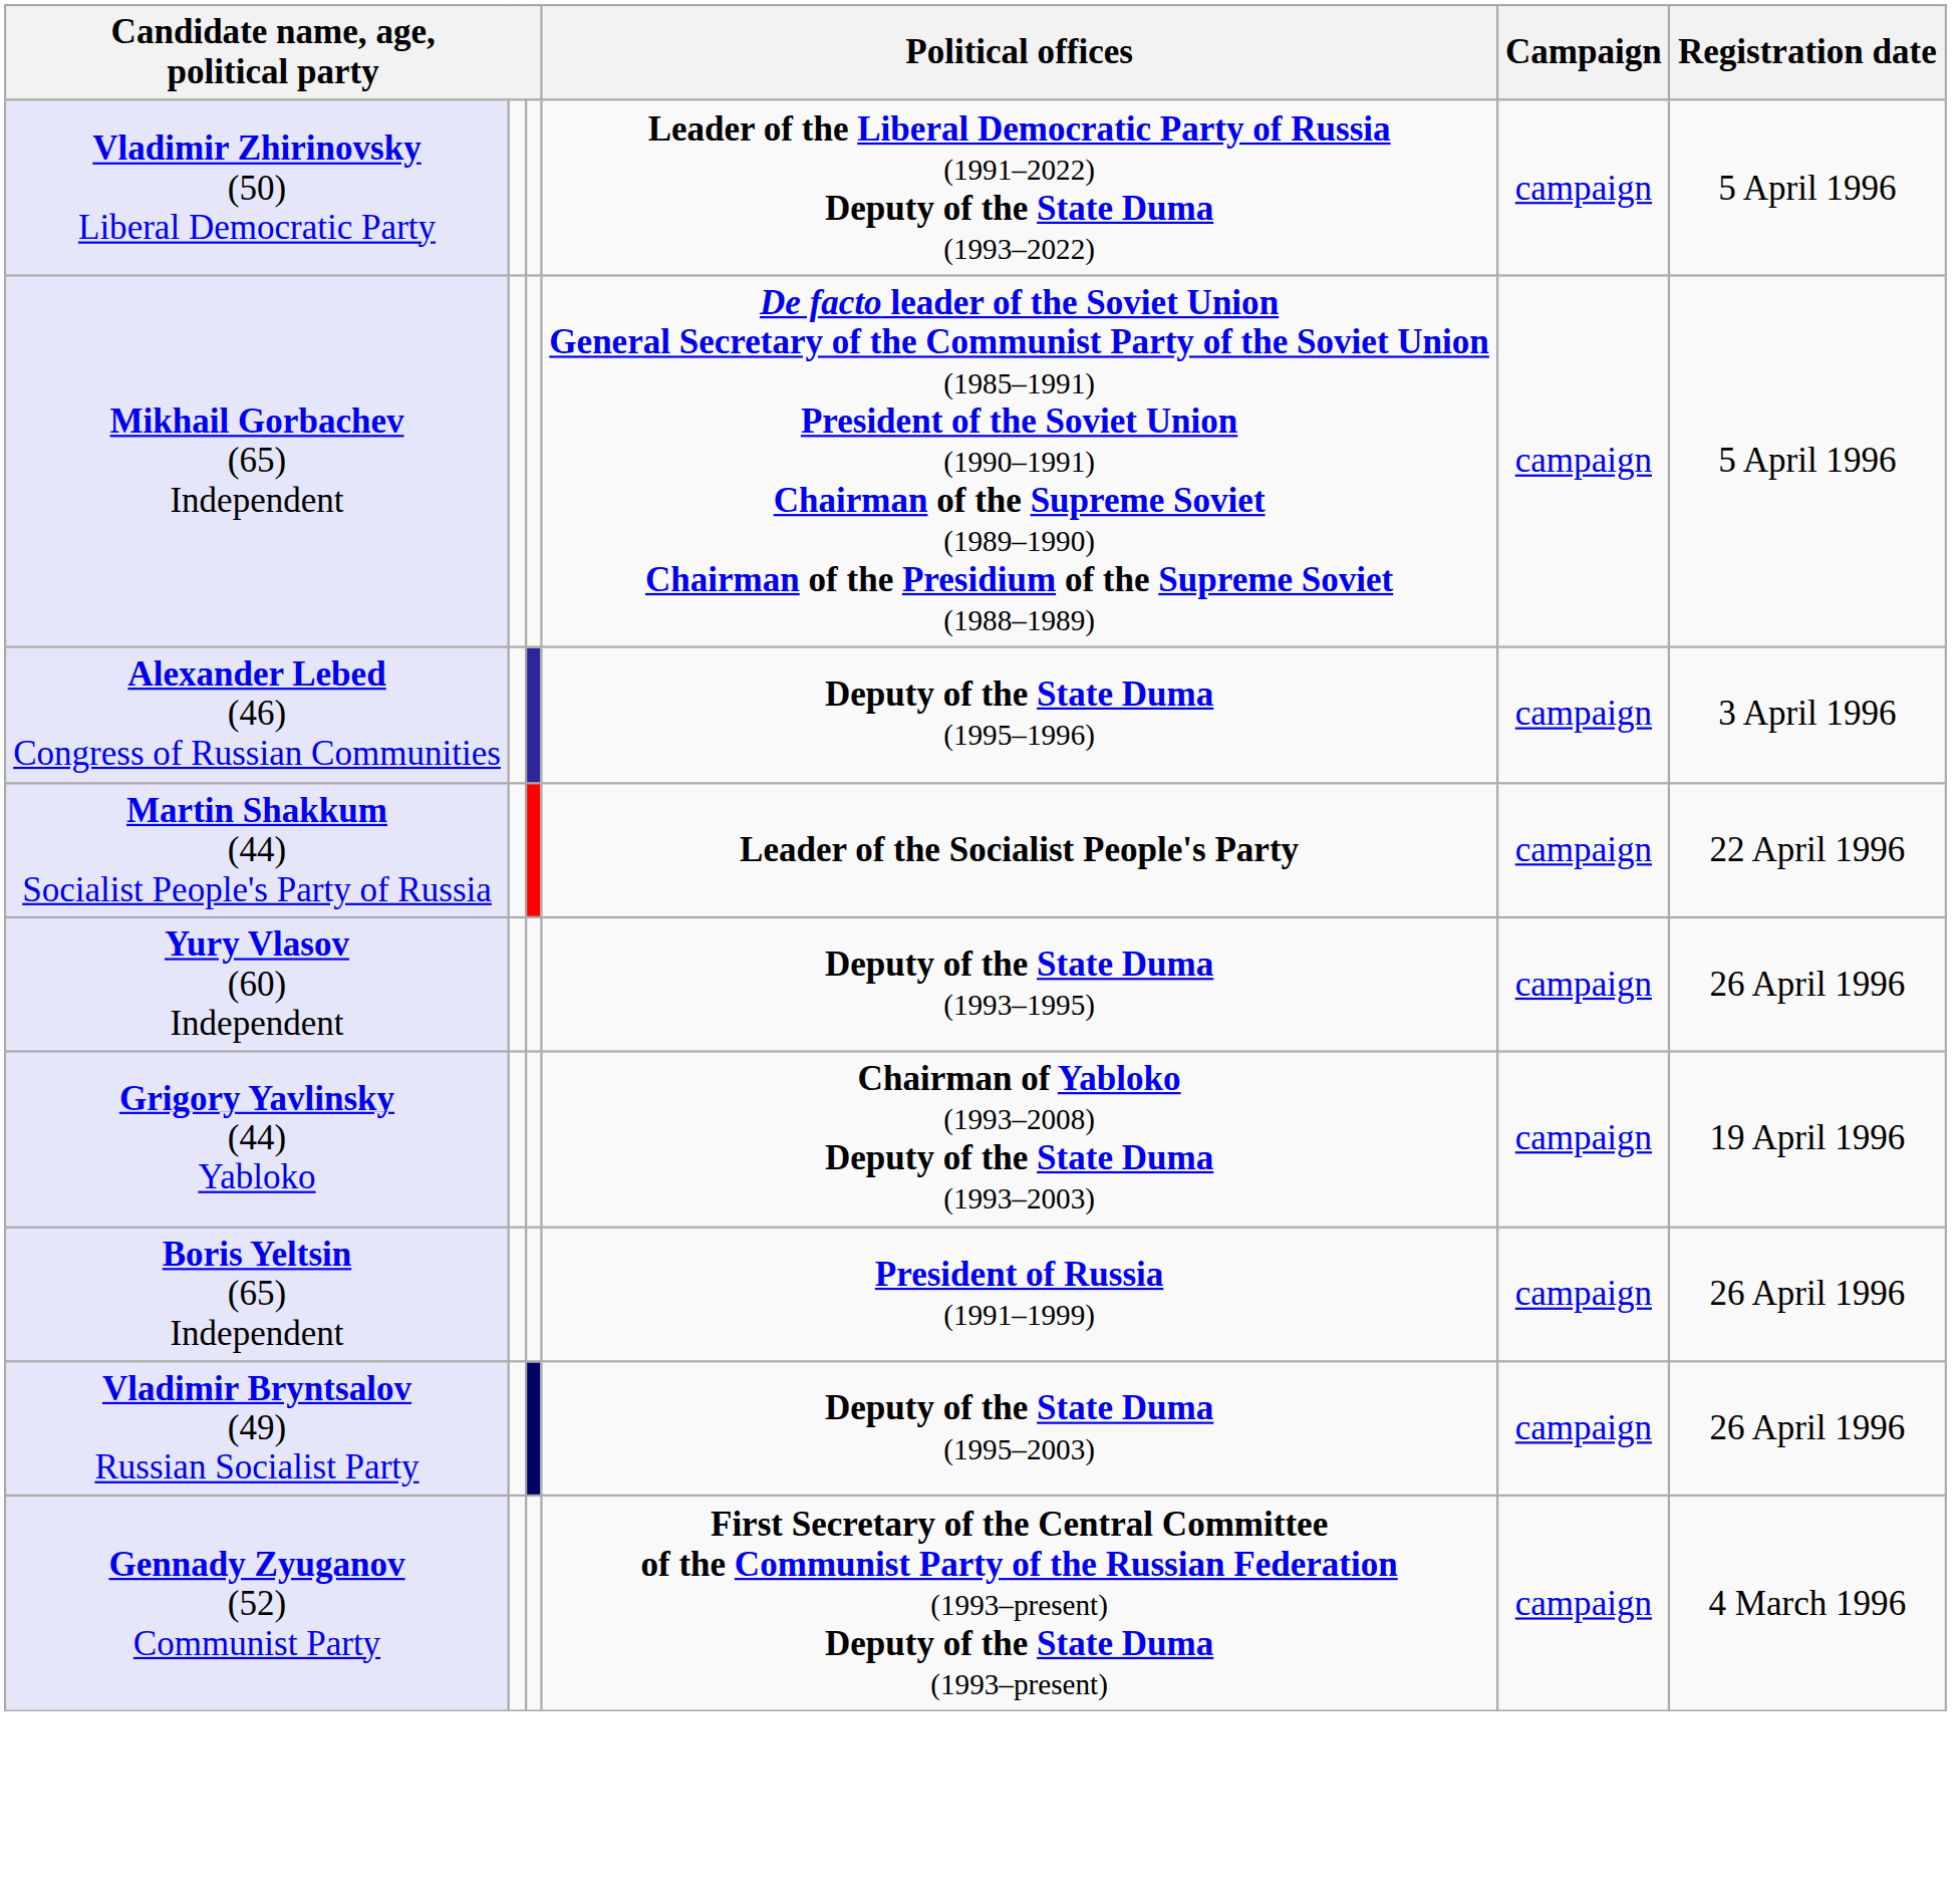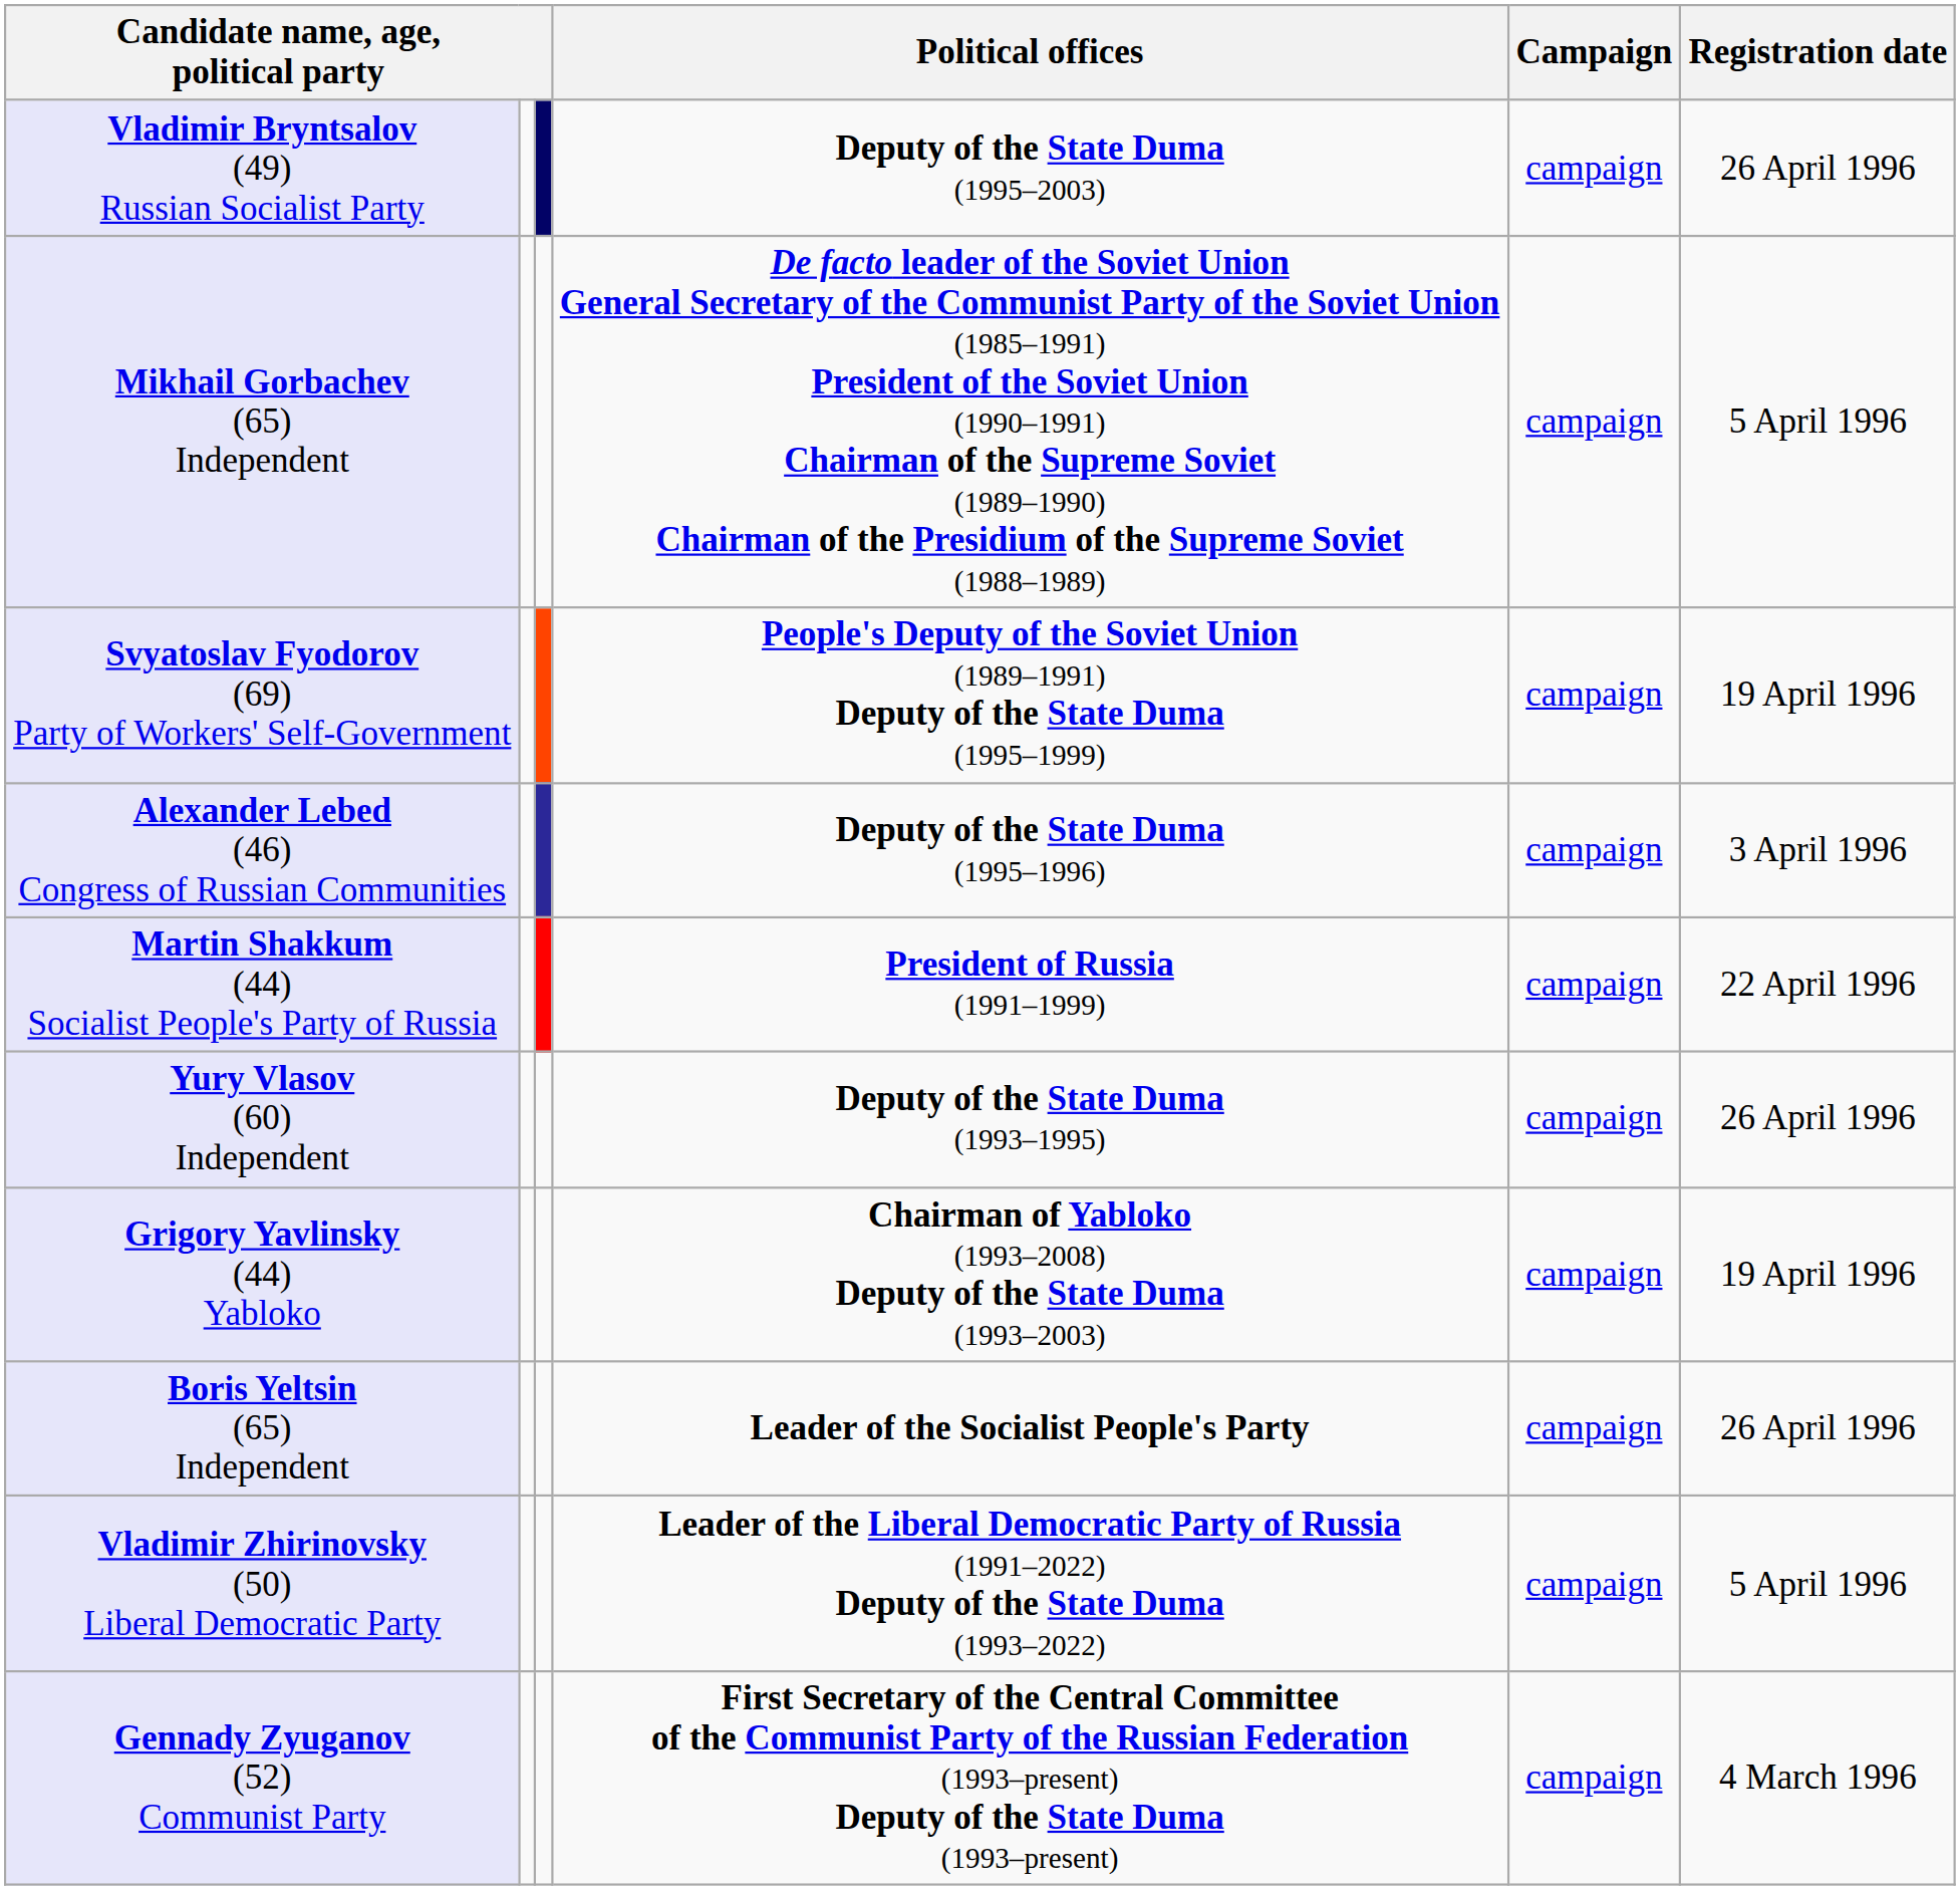 <table class="wikitable" style="text-align:center;">
 <tr>
 <th colspan="3">Candidate name, age,<br>political party</th>
 <th>Political offices</th>
 <th>Campaign</th>
 <th>Registration date</th>
 </tr>
 <tr>
-<td style="background:lavender;"><strong><a href='#'>Vladimir Zhirinovsky</a></strong><br>(50)<br><a href='#'>Liberal Democratic Party</a></td>
+<td style="background:lavender;"><strong><a href='#'>Vladimir Bryntsalov</a></strong><br>(49)<br><a href='#'>Russian Socialist Party</a></td>
 <td></td>
-<td style="background-color:"></td>
-<td><strong>Leader of the <a href='#'>Liberal Democratic Party of Russia</a></strong><br><small>(1991–2022)</small><br><strong>Deputy of the <a href='#'>State Duma</a></strong><br><small>(1993–2022)</small></td>
+<td style="background-color: #020266"></td>
+<td><strong>Deputy of the <a href='#'>State Duma</a></strong><br><small>(1995–2003)</small></td>
 <td><a href='#'>campaign</a></td>
-<td>5 April 1996</td>
+<td>26 April 1996</td>
 </tr>
 <tr>
 <td style="background:lavender;"><strong><a href='#'>Mikhail Gorbachev</a></strong><br>(65)<br>Independent</td>
 <td></td>
 <td style="background-color:"></td>
 <td><strong><a href='#'><em>De facto</em> leader of the Soviet Union</a></strong><br><strong><a href='#'>General Secretary of the Communist Party of the Soviet Union</a></strong><br><small>(1985–1991)</small><br><strong><a href='#'>President of the Soviet Union</a></strong><br><small>(1990–1991)</small><br><strong><a href='#'>Chairman</a> of the <a href='#'>Supreme Soviet</a></strong><br><small>(1989–1990)</small><br><strong><a href='#'>Chairman</a> of the <a href='#'>Presidium</a> of the <a href='#'>Supreme Soviet</a></strong><br><small>(1988–1989)</small></td>
 <td><a href='#'>campaign</a></td>
 <td>5 April 1996</td>
+</tr>
+<tr>
+<td style="background:lavender;"><strong><a href='#'>Svyatoslav Fyodorov</a></strong><br>(69)<br><a href='#'>Party of Workers' Self-Government</a></td>
+<td></td>
+<td style="background:#FF4400"></td>
+<td><strong><a href='#'>People's Deputy of the Soviet Union</a></strong><br><small>(1989–1991)</small><br><strong>Deputy of the <a href='#'>State Duma</a></strong><br><small>(1995–1999)</small></td>
+<td><a href='#'>campaign</a></td>
+<td>19 April 1996</td>
 </tr>
 <tr>
 <td style="background:lavender;"><strong><a href='#'>Alexander Lebed</a></strong><br>(46)<br><a href='#'>Congress of Russian Communities</a></td>
 <td></td>
 <td style="background:#2B2798"></td>
 <td><strong>Deputy of the <a href='#'>State Duma</a></strong><br><small>(1995–1996)</small></td>
 <td><a href='#'>campaign</a></td>
 <td>3 April 1996</td>
 </tr>
 <tr>
 <td style="background:lavender;"><strong><a href='#'>Martin Shakkum</a></strong><br>(44)<br><a href='#'>Socialist People's Party of Russia</a></td>
 <td></td>
 <td style="background-color:#ff0000;"></td>
-<td><strong>Leader of the Socialist People's Party</strong></td>
+<td><strong><a href='#'>President of Russia</a></strong><br><small>(1991–1999)</small></td>
 <td><a href='#'>campaign</a></td>
 <td>22 April 1996</td>
 </tr>
 <tr>
 <td style="background:lavender;"><strong><a href='#'>Yury Vlasov</a></strong><br>(60)<br>Independent</td>
 <td></td>
 <td style="background-color:"></td>
 <td><strong>Deputy of the <a href='#'>State Duma</a></strong><br><small>(1993–1995)</small></td>
 <td><a href='#'>campaign</a></td>
 <td>26 April 1996</td>
 </tr>
 <tr>
 <td style="background:lavender;"><strong><a href='#'>Grigory Yavlinsky</a></strong><br>(44)<br><a href='#'>Yabloko</a></td>
 <td></td>
 <td style="background-color:"></td>
 <td><strong>Chairman of <a href='#'>Yabloko</a></strong><br><small>(1993–2008)</small><br> <strong>Deputy of the <a href='#'>State Duma</a></strong><br><small>(1993–2003)</small></td>
 <td><a href='#'>campaign</a></td>
 <td>19 April 1996</td>
 </tr>
 <tr>
 <td style="background:lavender;"><strong><a href='#'>Boris Yeltsin</a></strong><br>(65)<br>Independent</td>
 <td></td>
 <td style="background-color:"></td>
-<td><strong><a href='#'>President of Russia</a></strong><br><small>(1991–1999)</small></td>
+<td><strong>Leader of the Socialist People's Party</strong></td>
 <td><a href='#'>campaign</a></td>
 <td>26 April 1996</td>
 </tr>
 <tr>
-<td style="background:lavender;"><strong><a href='#'>Vladimir Bryntsalov</a></strong><br>(49)<br><a href='#'>Russian Socialist Party</a></td>
+<td style="background:lavender;"><strong><a href='#'>Vladimir Zhirinovsky</a></strong><br>(50)<br><a href='#'>Liberal Democratic Party</a></td>
 <td></td>
-<td style="background-color: #020266"></td>
-<td><strong>Deputy of the <a href='#'>State Duma</a></strong><br><small>(1995–2003)</small></td>
+<td style="background-color:"></td>
+<td><strong>Leader of the <a href='#'>Liberal Democratic Party of Russia</a></strong><br><small>(1991–2022)</small><br><strong>Deputy of the <a href='#'>State Duma</a></strong><br><small>(1993–2022)</small></td>
 <td><a href='#'>campaign</a></td>
-<td>26 April 1996</td>
+<td>5 April 1996</td>
 </tr>
 <tr>
 <td style="background:lavender;"><strong><a href='#'>Gennady Zyuganov</a></strong><br>(52)<br><a href='#'>Communist Party</a></td>
 <td></td>
 <td style="background-color:"></td>
 <td><strong>First Secretary of the Central Committee<br>of the <a href='#'>Communist Party of the Russian Federation</a></strong><br><small>(1993–present)</small><br><strong>Deputy of the <a href='#'>State Duma</a></strong><br><small>(1993–present)</small></td>
 <td><a href='#'>campaign</a></td>
 <td>4 March 1996</td>
 </tr>
 </table>
